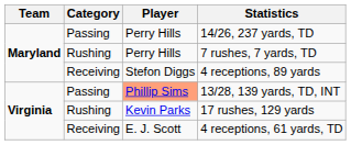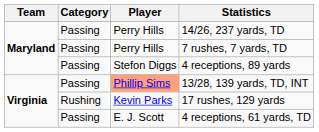 <table class="wikitable" style="float: left;">
 <tr>
 <th>Team</th>
 <th>Category</th>
 <th>Player</th>
 <th>Statistics</th>
 </tr>
 <tr>
 <td rowspan=3><strong>Maryland</strong></td>
 <td>Passing</td>
 <td>Perry Hills</td>
 <td>14/26, 237 yards, TD</td>
 </tr>
 <tr>
-<td>Rushing</td>
+<td>Passing</td>
 <td>Perry Hills</td>
 <td>7 rushes, 7 yards, TD</td>
 </tr>
 <tr>
-<td>Receiving</td>
+<td>Passing</td>
 <td>Stefon Diggs</td>
 <td>4 receptions, 89 yards</td>
 </tr>
 <tr>
 <td rowspan=3><strong>Virginia</strong></td>
 <td>Passing</td>
 <td style="background: lightsalmon;"><a href='#'>Phillip Sims</a></td>
 <td>13/28, 139 yards, TD, INT</td>
 </tr>
 <tr>
 <td>Rushing</td>
 <td><a href='#'>Kevin Parks</a></td>
 <td>17 rushes, 129 yards</td>
 </tr>
 <tr>
-<td>Receiving</td>
+<td>Passing</td>
 <td>E. J. Scott</td>
 <td>4 receptions, 61 yards, TD</td>
 </tr>
 </table>
